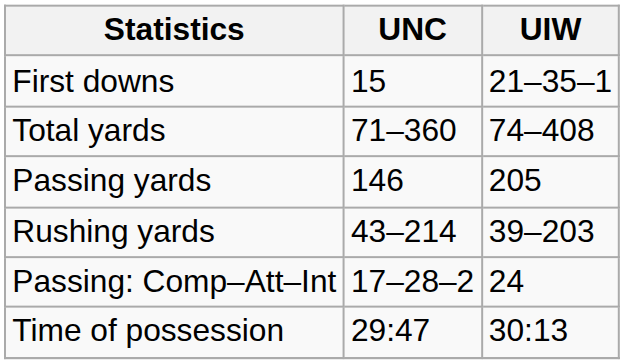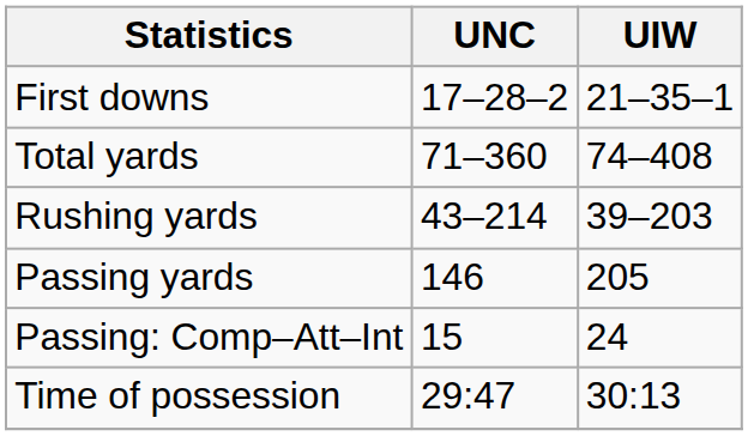 <table class="wikitable" style="float: left;">
 <tr>
 <th>Statistics</th>
 <th>UNC</th>
 <th>UIW</th>
 </tr>
 <tr>
 <td>First downs</td>
-<td>15</td>
+<td>17–28–2</td>
 <td>21–35–1</td>
 </tr>
 <tr>
 <td>Total yards</td>
 <td>71–360</td>
 <td>74–408</td>
 </tr>
 <tr>
+<td>Rushing yards</td>
+<td>43–214</td>
+<td>39–203</td>
+</tr>
+<tr>
 <td>Passing yards</td>
 <td>146</td>
 <td>205</td>
 </tr>
 <tr>
-<td>Rushing yards</td>
-<td>43–214</td>
-<td>39–203</td>
-</tr>
-<tr>
 <td>Passing: Comp–Att–Int</td>
-<td>17–28–2</td>
+<td>15</td>
 <td>24</td>
 </tr>
 <tr>
 <td>Time of possession</td>
 <td>29:47</td>
 <td>30:13</td>
 </tr>
 <tr>
 </tr>
 </table>
